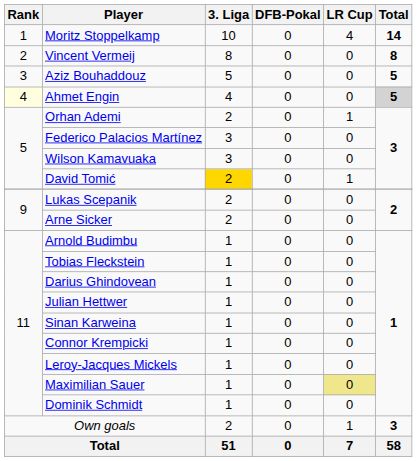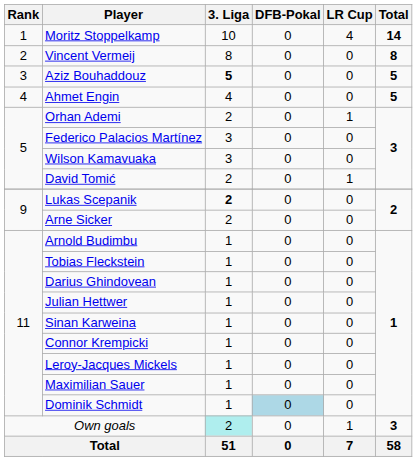 <table class="wikitable" style="text-align:center;">
 <tr>
 <th>Rank</th>
 <th>Player</th>
 <th>3. Liga</th>
 <th>DFB-Pokal</th>
 <th>LR Cup</th>
 <th>Total</th>
 </tr>
 <tr>
 <td>1</td>
 <td align=left> <a href='#'>Moritz Stoppelkamp</a></td>
 <td>10</td>
 <td>0</td>
 <td>4</td>
 <td><strong>14</strong></td>
 </tr>
 <tr>
 <td>2</td>
 <td align=left> <a href='#'>Vincent Vermeij</a></td>
 <td>8</td>
 <td>0</td>
 <td>0</td>
 <td><strong>8</strong></td>
 </tr>
 <tr>
 <td>3</td>
 <td align=left> <a href='#'>Aziz Bouhaddouz</a></td>
-<td>5</td>
+<td><strong>5</strong></td>
 <td>0</td>
 <td>0</td>
 <td><strong>5</strong></td>
 </tr>
 <tr>
-<td style="background: lightyellow;">4</td>
+<td>4</td>
 <td align=left> <a href='#'>Ahmet Engin</a></td>
 <td>4</td>
 <td>0</td>
 <td>0</td>
-<td style="background: lightgrey;"><strong>5</strong></td>
+<td><strong>5</strong></td>
 </tr>
 <tr>
 <td rowspan=4>5</td>
 <td align=left> <a href='#'>Orhan Ademi</a></td>
 <td>2</td>
 <td>0</td>
 <td>1</td>
 <td rowspan=4><strong>3</strong></td>
 </tr>
 <tr>
 <td align=left> <a href='#'>Federico Palacios Martínez</a></td>
 <td>3</td>
 <td>0</td>
 <td>0</td>
 </tr>
 <tr>
 <td align=left> <a href='#'>Wilson Kamavuaka</a></td>
 <td>3</td>
 <td>0</td>
 <td>0</td>
 </tr>
 <tr>
 <td align=left> <a href='#'>David Tomić</a></td>
-<td style="background: gold;">2</td>
+<td>2</td>
 <td>0</td>
 <td>1</td>
 </tr>
 <tr>
 </tr>
 <tr>
 <td rowspan=2>9</td>
 <td align=left> <a href='#'>Lukas Scepanik</a></td>
-<td>2</td>
+<td><strong>2</strong></td>
 <td>0</td>
 <td>0</td>
 <td rowspan=2><strong>2</strong></td>
 </tr>
 <tr>
 <td align=left> <a href='#'>Arne Sicker</a></td>
 <td>2</td>
 <td>0</td>
 <td>0</td>
 </tr>
 <tr>
 <td rowspan=9>11</td>
 <td align=left> <a href='#'>Arnold Budimbu</a></td>
 <td>1</td>
 <td>0</td>
 <td>0</td>
 <td rowspan=9><strong>1</strong></td>
 </tr>
 <tr>
 <td align=left> <a href='#'>Tobias Fleckstein</a></td>
 <td>1</td>
 <td>0</td>
 <td>0</td>
 </tr>
 <tr>
 <td align=left> <a href='#'>Darius Ghindovean</a></td>
 <td>1</td>
 <td>0</td>
 <td>0</td>
 </tr>
 <tr>
 <td align=left> <a href='#'>Julian Hettwer</a></td>
 <td>1</td>
 <td>0</td>
 <td>0</td>
 </tr>
 <tr>
 <td align=left> <a href='#'>Sinan Karweina</a></td>
 <td>1</td>
 <td>0</td>
 <td>0</td>
 </tr>
 <tr>
 <td align=left> <a href='#'>Connor Krempicki</a></td>
 <td>1</td>
 <td>0</td>
 <td>0</td>
 </tr>
 <tr>
 <td align=left> <a href='#'>Leroy-Jacques Mickels</a></td>
 <td>1</td>
 <td>0</td>
 <td>0</td>
 </tr>
 <tr>
 <td align=left> <a href='#'>Maximilian Sauer</a></td>
 <td>1</td>
 <td>0</td>
-<td style="background: khaki;">0</td>
+<td>0</td>
 </tr>
 <tr>
 <td align=left> <a href='#'>Dominik Schmidt</a></td>
 <td>1</td>
-<td>0</td>
+<td style="background: lightblue;">0</td>
 <td>0</td>
 </tr>
 <tr>
 <td colspan=2 align=center><em>Own goals</em></td>
-<td>2</td>
+<td style="background: paleturquoise;">2</td>
 <td>0</td>
 <td>1</td>
 <td><strong>3</strong></td>
 </tr>
 <tr>
 <th colspan=2>Total</th>
 <th>51</th>
 <th>0</th>
 <th>7</th>
 <th>58</th>
 </tr>
 </table>
